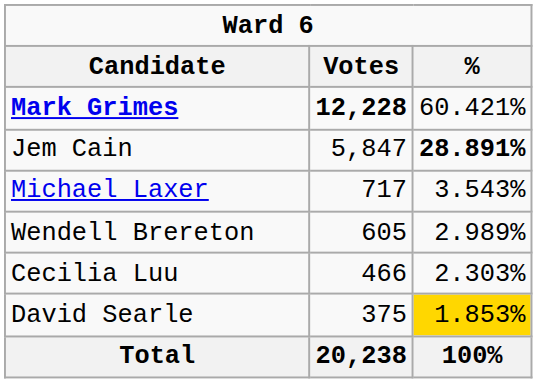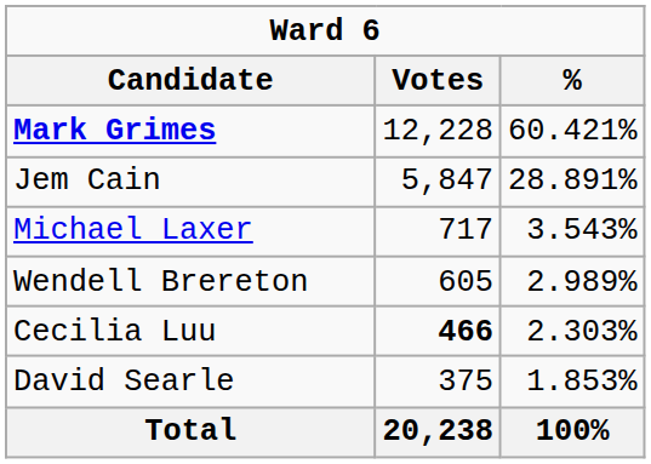 <table class="wikitable">
 <tr>
 <td Colspan="3" align="center"><strong>Ward 6</strong></td>
 </tr>
 <tr>
 <th bgcolor="#DDDDFF" width="150px">Candidate</th>
 <th bgcolor="#DDDDFF">Votes</th>
 <th bgcolor="#DDDDFF">%</th>
 </tr>
 <tr>
 <td><strong><a href='#'>Mark Grimes</a></strong></td>
-<td align=right><strong>12,228</strong></td>
+<td align=right>12,228</td>
 <td align=right>60.421%</td>
 </tr>
 <tr>
 <td>Jem Cain</td>
 <td align=right>5,847</td>
-<td align=right><strong>28.891%</strong></td>
+<td align=right>28.891%</td>
 </tr>
 <tr>
 <td><a href='#'>Michael Laxer</a></td>
 <td align=right>717</td>
 <td align=right>3.543%</td>
 </tr>
 <tr>
 <td>Wendell Brereton</td>
 <td align=right>605</td>
 <td align=right>2.989%</td>
 </tr>
 <tr>
 <td>Cecilia Luu</td>
-<td align=right>466</td>
+<td align=right><strong>466</strong></td>
 <td align=right>2.303%</td>
 </tr>
 <tr>
 <td>David Searle</td>
 <td align=right>375</td>
-<td align=right style="background: gold;">1.853%</td>
+<td align=right>1.853%</td>
 </tr>
 <tr>
 <th>Total</th>
 <th align=right>20,238</th>
 <th align=right>100%</th>
 </tr>
 </table>
